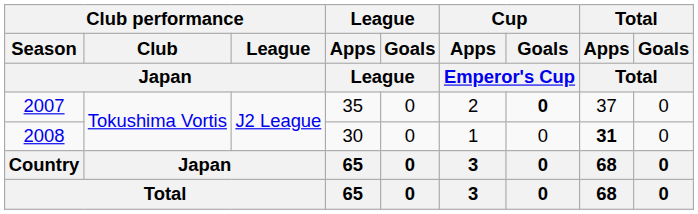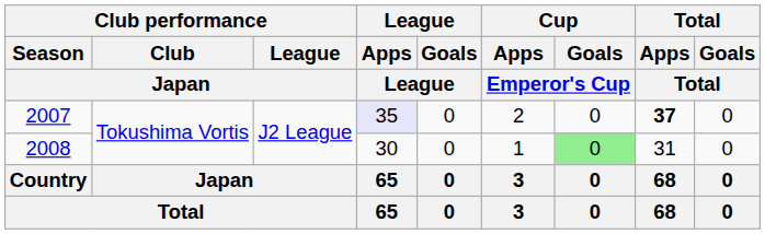 <table class="wikitable" style="text-align:center;">
 <tr>
 <th colspan=3>Club performance</th>
 <th colspan=2>League</th>
 <th colspan=2>Cup</th>
 <th colspan=2>Total</th>
 </tr>
 <tr>
 <th>Season</th>
 <th>Club</th>
 <th>League</th>
 <th>Apps</th>
 <th>Goals</th>
 <th>Apps</th>
 <th>Goals</th>
 <th>Apps</th>
 <th>Goals</th>
 </tr>
 <tr>
 <th colspan=3>Japan</th>
 <th colspan=2>League</th>
 <th colspan=2><a href='#'>Emperor's Cup</a></th>
 <th colspan=2>Total</th>
 </tr>
 <tr>
 <td><a href='#'>2007</a></td>
 <td rowspan="2"><a href='#'>Tokushima Vortis</a></td>
 <td rowspan="2"><a href='#'>J2 League</a></td>
-<td>35</td>
+<td style="background: lavender;">35</td>
 <td>0</td>
 <td>2</td>
-<td><strong>0</strong></td>
-<td>37</td>
+<td>0</td>
+<td><strong>37</strong></td>
 <td>0</td>
 </tr>
 <tr>
 <td><a href='#'>2008</a></td>
 <td>30</td>
 <td>0</td>
 <td>1</td>
-<td>0</td>
-<td><strong>31</strong></td>
+<td style="background: lightgreen;">0</td>
+<td>31</td>
 <td>0</td>
 </tr>
 <tr>
 <th rowspan=1>Country</th>
 <th colspan=2>Japan</th>
 <th>65</th>
 <th>0</th>
 <th>3</th>
 <th>0</th>
 <th>68</th>
 <th>0</th>
 </tr>
 <tr>
 <th colspan=3>Total</th>
 <th>65</th>
 <th>0</th>
 <th>3</th>
 <th>0</th>
 <th>68</th>
 <th>0</th>
 </tr>
 </table>
